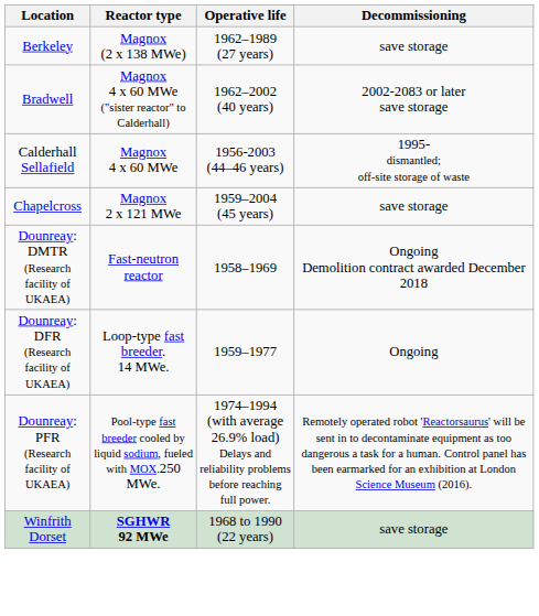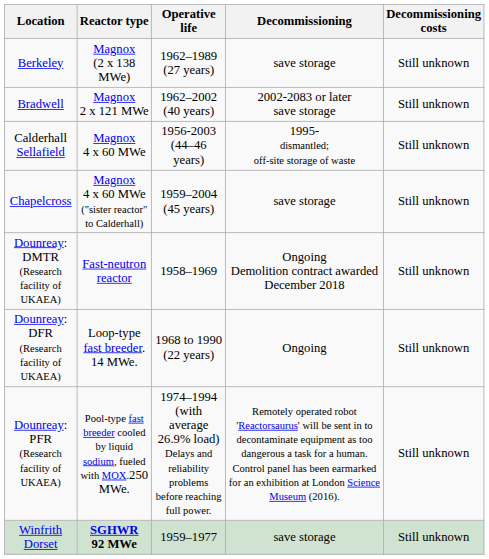 <table class="wikitable"  style="text-align:center;">
 <tr>
 <th>Location</th>
 <th>Reactor type</th>
 <th>Operative life</th>
 <th>Decommissioning</th>
+<th>Decommissioning <br> costs</th>
 </tr>
 <tr>
 <td><a href='#'>Berkeley</a></td>
 <td><a href='#'>Magnox</a> <br> (2 x 138 MWe)</td>
 <td>1962–1989 <br> (27 years)</td>
 <td>save storage</td>
+<td>Still unknown</td>
 </tr>
 <tr>
 <td><a href='#'>Bradwell</a></td>
-<td><a href='#'>Magnox</a> <br> 4 x 60 MWe <br> <small> ("sister reactor" to Calderhall)</small></td>
+<td><a href='#'>Magnox</a> <br> 2 x 121 MWe</td>
 <td>1962–2002 <br> (40 years)</td>
 <td>2002-2083 or later <br> save storage</td>
+<td>Still unknown</td>
 </tr>
 <tr>
 <td>Calderhall <br> <a href='#'>Sellafield</a></td>
 <td><a href='#'>Magnox</a> <br> 4 x 60 MWe</td>
 <td>1956-2003 <br> (44–46 years)</td>
 <td>1995- <br>  <small>dismantled; <br> off-site storage of waste</small></td>
+<td>Still unknown</td>
 </tr>
 <tr>
 <td><a href='#'>Chapelcross</a></td>
-<td><a href='#'>Magnox</a> <br> 2 x 121 MWe</td>
+<td><a href='#'>Magnox</a> <br> 4 x 60 MWe <br> <small> ("sister reactor" to Calderhall)</small></td>
 <td>1959–2004 <br> (45 years)</td>
 <td>save storage</td>
+<td>Still unknown</td>
 </tr>
 <tr>
 <td><a href='#'>Dounreay</a>: DMTR<br> <small> (Research facility of UKAEA)</small></td>
 <td><a href='#'>Fast-neutron reactor</a></td>
 <td>1958–1969</td>
 <td>Ongoing<br>Demolition contract awarded December 2018</td>
+<td>Still unknown</td>
 </tr>
 <tr>
 <td><a href='#'>Dounreay</a>: DFR<br> <small> (Research facility of UKAEA)</small></td>
 <td>Loop-type <a href='#'>fast breeder</a>.<br>14 MWe.</td>
-<td>1959–1977</td>
+<td>1968 to 1990 <br> (22 years)</td>
 <td>Ongoing</td>
+<td>Still unknown</td>
 </tr>
 <tr>
 <td><a href='#'>Dounreay</a>: PFR<br> <small> (Research facility of UKAEA)</small></td>
 <td><small>Pool-type <a href='#'>fast breeder</a> cooled by liquid <a href='#'>sodium</a>, fueled with <a href='#'>MOX</a>.</small>250 MWe.</td>
 <td>1974–1994 <br> (with average 26.9% load) <br><small> Delays and reliability problems before reaching full power.</small></td>
 <td><small> Remotely operated robot '<a href='#'>Reactorsaurus</a>' will be sent in to decontaminate equipment as too dangerous a task for a human.</small> <small> Control panel has been earmarked for an exhibition at London <a href='#'>Science Museum</a> (2016). </small></td>
+<td>Still unknown</td>
 </tr>
 <tr style="background:#d0e2d0">
 <td><a href='#'>Winfrith</a> <br> <a href='#'>Dorset</a></td>
 <td><strong><a href='#'>SGHWR</a> <br> 92 MWe</strong></td>
-<td>1968 to 1990 <br> (22 years)</td>
+<td>1959–1977</td>
 <td>save storage</td>
+<td>Still unknown</td>
 </tr>
 </table>
